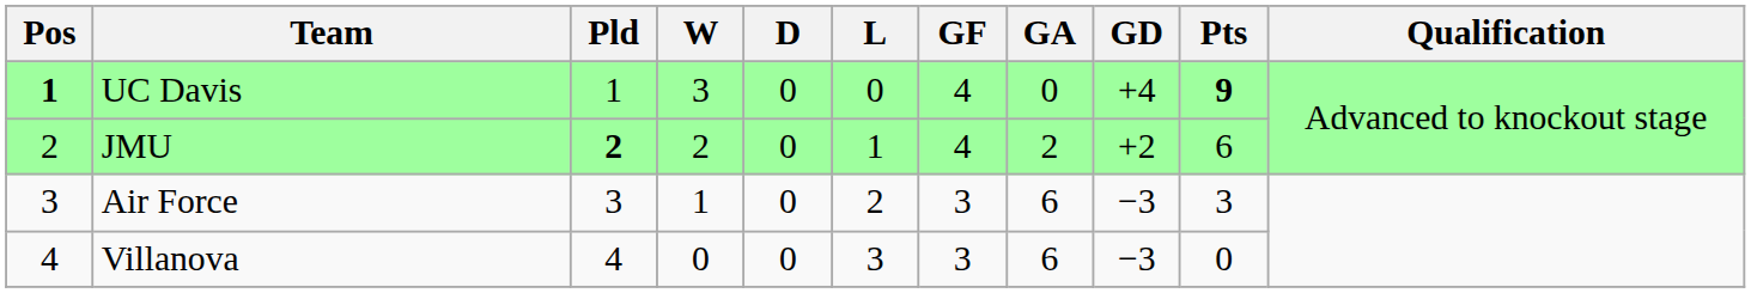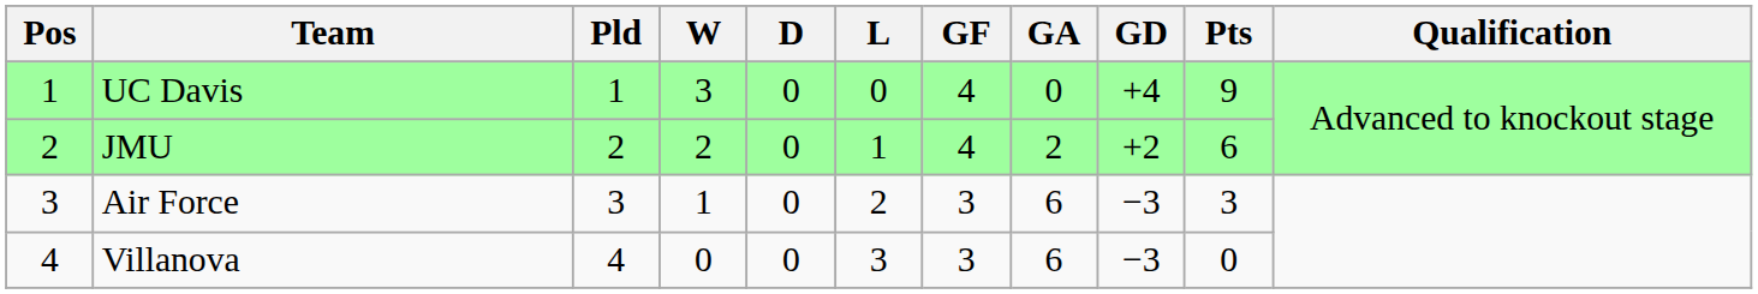 <table class="wikitable" style="text-align:center; margin: 1em auto">
 <tr>
 <th style="width:2em">Pos</th>
 <th style="width:13em">Team</th>
 <th style="width:2em">Pld</th>
 <th style="width:2em">W</th>
 <th style="width:2em">D</th>
 <th style="width:2em">L</th>
 <th style="width:2em">GF</th>
 <th style="width:2em">GA</th>
 <th style="width:2em">GD</th>
 <th style="width:2em">Pts</th>
 <th style="width:13em">Qualification</th>
 </tr>
 <tr bgcolor="#9eff9e">
-<td><strong>1</strong></td>
+<td>1</td>
 <td style="text-align:left">UC Davis</td>
 <td>1</td>
 <td>3</td>
 <td>0</td>
 <td>0</td>
 <td>4</td>
 <td>0</td>
 <td>+4</td>
-<td><strong>9</strong></td>
+<td>9</td>
 <td rowspan="2">Advanced to knockout stage</td>
 </tr>
 <tr bgcolor="#9eff9e">
 <td>2</td>
 <td style="text-align:left">JMU</td>
-<td><strong>2</strong></td>
+<td>2</td>
 <td>2</td>
 <td>0</td>
 <td>1</td>
 <td>4</td>
 <td>2</td>
 <td>+2</td>
 <td>6</td>
 </tr>
 <tr>
 <td>3</td>
 <td style="text-align:left">Air Force</td>
 <td>3</td>
 <td>1</td>
 <td>0</td>
 <td>2</td>
 <td>3</td>
 <td>6</td>
 <td>−3</td>
 <td>3</td>
 <td rowspan="2"></td>
 </tr>
 <tr>
 <td>4</td>
 <td style="text-align:left">Villanova</td>
 <td>4</td>
 <td>0</td>
 <td>0</td>
 <td>3</td>
 <td>3</td>
 <td>6</td>
 <td>−3</td>
 <td>0</td>
 </tr>
 </table>
